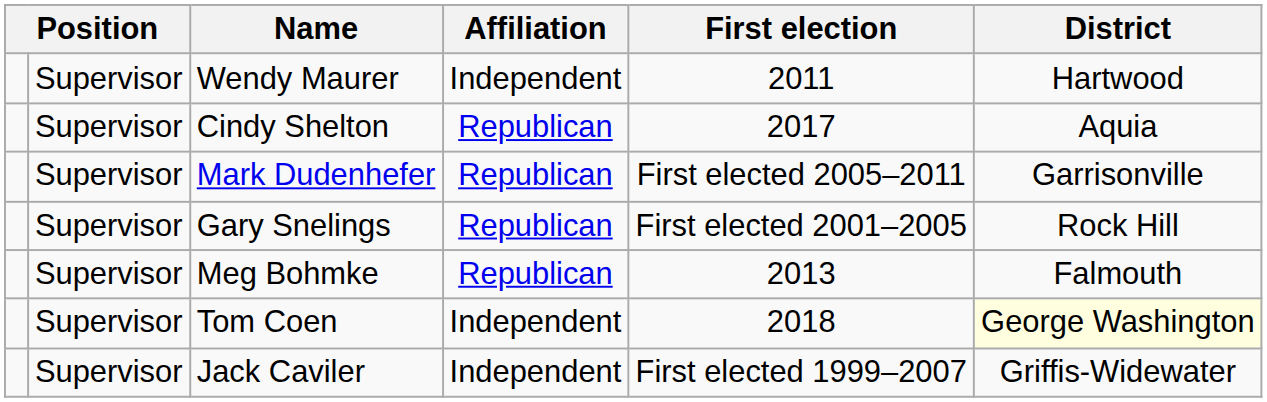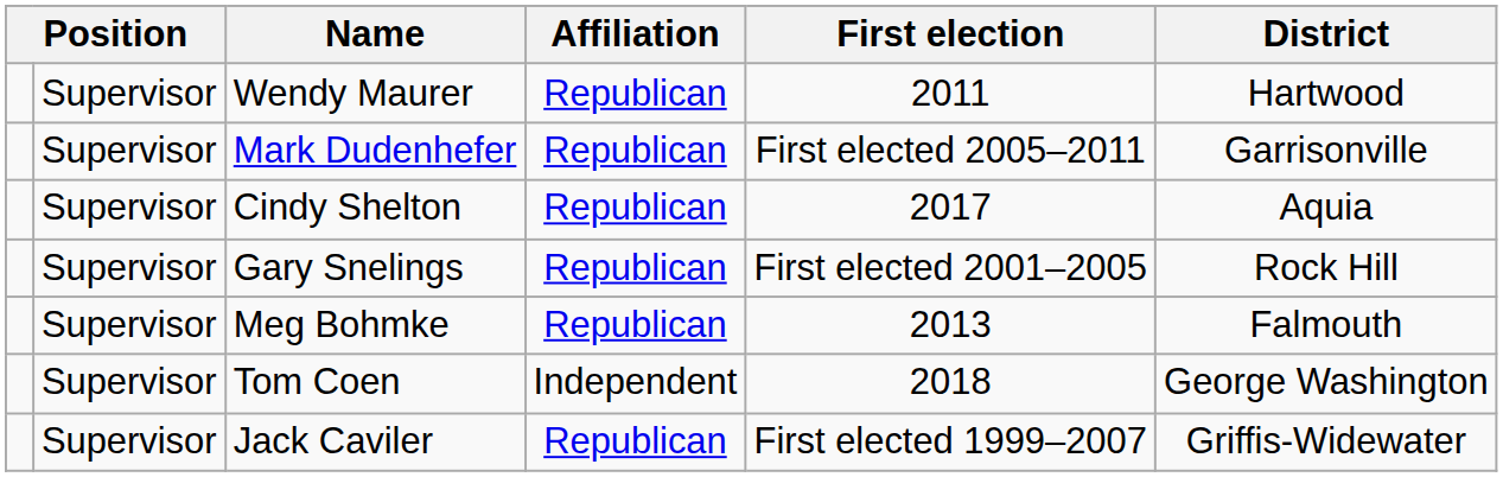 <table class=wikitable>
 <tr>
 <th colspan=2 align=center valign=bottom>Position</th>
 <th style="text-align:center;">Name</th>
 <th valign=bottom>Affiliation</th>
 <th valign=bottom align=center>First election</th>
 <th valign=bottom align=center>District</th>
 </tr>
 <tr>
 <td style="background-color:"> </td>
 <td>Supervisor</td>
 <td>Wendy Maurer</td>
-<td style="text-align:center;">Independent</td>
+<td style="text-align:center;"><a href='#'>Republican</a></td>
 <td style="text-align:center;">2011</td>
 <td style="text-align:center;">Hartwood</td>
+</tr>
+<tr>
+<td style="background-color:"> </td>
+<td>Supervisor</td>
+<td><a href='#'>Mark Dudenhefer</a></td>
+<td style="text-align:center;"><a href='#'>Republican</a></td>
+<td style="text-align:center;">First elected 2005–2011</td>
+<td style="text-align:center;">Garrisonville</td>
 </tr>
 <tr>
 <td style="background-color:"> </td>
 <td>Supervisor</td>
 <td>Cindy Shelton</td>
 <td style="text-align:center;"><a href='#'>Republican</a></td>
 <td style="text-align:center;">2017</td>
 <td style="text-align:center;">Aquia</td>
-</tr>
-<tr>
-<td style="background-color:"> </td>
-<td>Supervisor</td>
-<td><a href='#'>Mark Dudenhefer</a></td>
-<td style="text-align:center;"><a href='#'>Republican</a></td>
-<td style="text-align:center;">First elected 2005–2011</td>
-<td style="text-align:center;">Garrisonville</td>
 </tr>
 <tr>
 <td style="background-color:"> </td>
 <td>Supervisor</td>
 <td>Gary Snelings</td>
 <td style="text-align:center;"><a href='#'>Republican</a></td>
 <td style="text-align:center;">First elected 2001–2005</td>
 <td style="text-align:center;">Rock Hill</td>
 </tr>
 <tr>
 <td style="background-color:"> </td>
 <td>Supervisor</td>
 <td>Meg Bohmke</td>
 <td style="text-align:center;"><a href='#'>Republican</a></td>
 <td style="text-align:center;">2013</td>
 <td style="text-align:center;">Falmouth</td>
 </tr>
 <tr>
 <td style="background-color:"> </td>
 <td>Supervisor</td>
 <td>Tom Coen</td>
 <td style="text-align:center;">Independent</td>
 <td style="text-align:center;">2018</td>
-<td style="background: lightyellow; text-align:center;">George Washington</td>
+<td style="text-align:center;">George Washington</td>
 </tr>
 <tr>
 <td style="background-color:"> </td>
 <td>Supervisor</td>
 <td>Jack Caviler</td>
-<td style="text-align:center;">Independent</td>
+<td style="text-align:center;"><a href='#'>Republican</a></td>
 <td style="text-align:center;">First elected 1999–2007</td>
 <td style="text-align:center;">Griffis-Widewater</td>
 </tr>
 </table>
